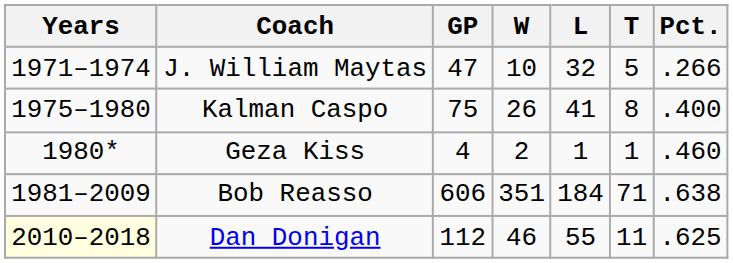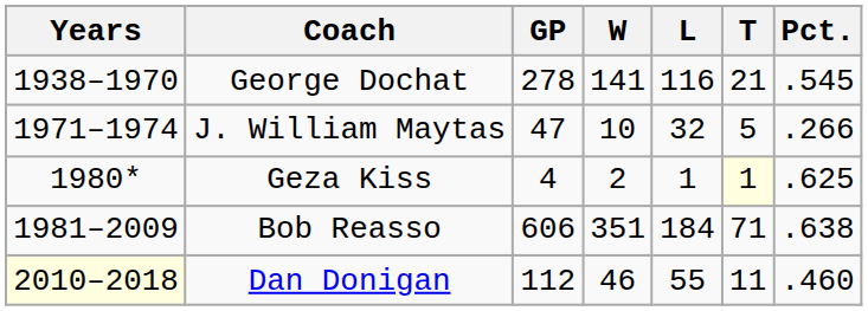 <table class="wikitable" style="text-align:center">
 <tr>
 <th style="background:#">Years</th>
 <th style="background:#">Coach</th>
 <th style="background:#">GP</th>
 <th style="background:#">W</th>
 <th style="background:#">L</th>
 <th style="background:#">T</th>
 <th style="background:#">Pct.</th>
 </tr>
 <tr>
+<td>1938–1970</td>
+<td>George Dochat</td>
+<td>278</td>
+<td>141</td>
+<td>116</td>
+<td>21</td>
+<td>.545</td>
+</tr>
+<tr>
 <td>1971–1974</td>
 <td>J. William Maytas</td>
 <td>47</td>
 <td>10</td>
 <td>32</td>
 <td>5</td>
 <td>.266</td>
 </tr>
 <tr>
-<td>1975–1980</td>
-<td>Kalman Caspo</td>
-<td>75</td>
-<td>26</td>
-<td>41</td>
-<td>8</td>
-<td>.400</td>
-</tr>
-<tr>
 <td>1980*</td>
 <td>Geza Kiss</td>
 <td>4</td>
 <td>2</td>
 <td>1</td>
-<td>1</td>
-<td>.460</td>
+<td style="background: lightyellow;">1</td>
+<td>.625</td>
 </tr>
 <tr>
 <td>1981–2009</td>
 <td>Bob Reasso</td>
 <td>606</td>
 <td>351</td>
 <td>184</td>
 <td>71</td>
 <td>.638</td>
 </tr>
 <tr>
 <td style="background: lightyellow;">2010–2018</td>
 <td><a href='#'>Dan Donigan</a></td>
 <td>112</td>
 <td>46</td>
 <td>55</td>
 <td>11</td>
-<td>.625</td>
+<td>.460</td>
 </tr>
 </table>
